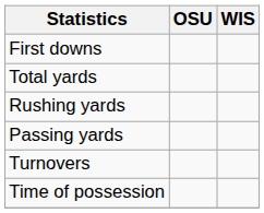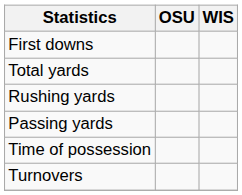 <table class="wikitable" style="float: left;">
 <tr>
 <th>Statistics</th>
 <th>OSU</th>
 <th>WIS</th>
 </tr>
 <tr>
 <td>First downs</td>
 <td></td>
 <td></td>
 </tr>
 <tr>
 <td>Total yards</td>
 <td></td>
 <td></td>
 </tr>
 <tr>
 <td>Rushing yards</td>
 <td></td>
 <td></td>
 </tr>
 <tr>
 <td>Passing yards</td>
 <td></td>
 <td></td>
 </tr>
 <tr>
-<td>Turnovers</td>
+<td>Time of possession</td>
 <td></td>
 <td></td>
 </tr>
 <tr>
-<td>Time of possession</td>
+<td>Turnovers</td>
 <td></td>
 <td></td>
 </tr>
 <tr>
 </tr>
 </table>
